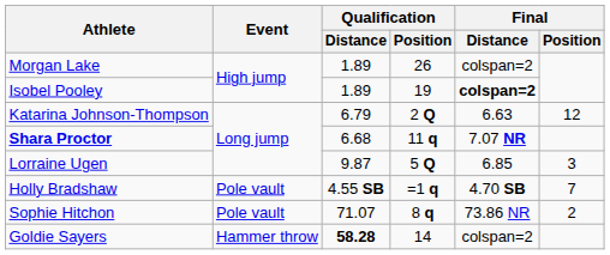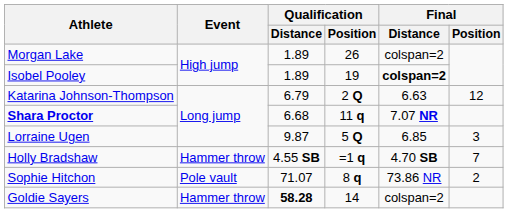 <table class=wikitable style="font-size:90%">
 <tr>
 <th rowspan="2">Athlete</th>
 <th rowspan="2">Event</th>
 <th colspan="2">Qualification</th>
 <th colspan="2">Final</th>
 </tr>
 <tr style="font-size:95%">
 <th>Distance</th>
 <th>Position</th>
 <th>Distance</th>
 <th>Position</th>
 </tr>
 <tr style=text-align:center>
 <td style=text-align:left><a href='#'>Morgan Lake</a></td>
 <td style=text-align:left rowspan=2><a href='#'>High jump</a></td>
 <td>1.89</td>
 <td>26</td>
 <td>colspan=2</td>
 </tr>
 <tr style=text-align:center>
 <td style=text-align:left><a href='#'>Isobel Pooley</a></td>
 <td>1.89</td>
 <td>19</td>
 <td><strong>colspan=2</strong></td>
 </tr>
 <tr style=text-align:center>
 <td style=text-align:left><a href='#'>Katarina Johnson-Thompson</a></td>
 <td style=text-align:left rowspan=3><a href='#'>Long jump</a></td>
 <td>6.79</td>
 <td>2 <strong>Q</strong></td>
 <td>6.63</td>
 <td>12</td>
 </tr>
 <tr style=text-align:center>
 <td style=text-align:left><strong><a href='#'>Shara Proctor</a></strong></td>
 <td>6.68</td>
 <td>11 <strong>q</strong></td>
 <td>7.07 <strong><a href='#'>NR</a></strong></td>
 <td></td>
 </tr>
 <tr style=text-align:center>
 <td style=text-align:left><a href='#'>Lorraine Ugen</a></td>
 <td>9.87</td>
 <td>5 <strong>Q</strong></td>
 <td>6.85</td>
 <td>3</td>
 </tr>
 <tr style=text-align:center>
 <td style=text-align:left><a href='#'>Holly Bradshaw</a></td>
-<td style=text-align:left><a href='#'>Pole vault</a></td>
+<td style=text-align:left><a href='#'>Hammer throw</a></td>
 <td>4.55 <strong>SB</strong></td>
 <td>=1 <strong>q</strong></td>
 <td>4.70 <strong>SB</strong></td>
 <td>7</td>
 </tr>
 <tr style=text-align:center>
 <td style=text-align:left><a href='#'>Sophie Hitchon</a></td>
 <td style=text-align:left><a href='#'>Pole vault</a></td>
 <td>71.07</td>
 <td>8 <strong>q<em></td>
 <td>73.86 </strong><a href='#'>NR</a><strong></td>
 <td>2</td>
 </tr>
 <tr style=text-align:center>
 <td style=text-align:left><a href='#'>Goldie Sayers</a></td>
 <td style=text-align:left><a href='#'>Hammer throw</a></td>
 <td><strong>58.28</strong></td>
 <td>14</td>
 <td>colspan=2</td>
 </tr>
 </table>
